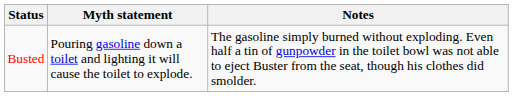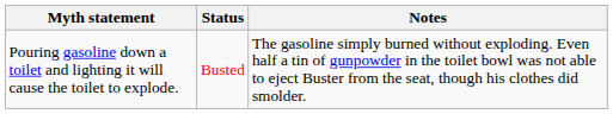 <table class="wikitable">
 <tr>
+<th>Myth statement</th>
 <th>Status</th>
-<th>Myth statement</th>
 <th>Notes</th>
 </tr>
 <tr>
+<td>Pouring <a href='#'>gasoline</a> down a <a href='#'>toilet</a> and lighting it will cause the toilet to explode.</td>
 <td style="color:red">Busted</td>
-<td>Pouring <a href='#'>gasoline</a> down a <a href='#'>toilet</a> and lighting it will cause the toilet to explode.</td>
 <td>The gasoline simply burned without exploding. Even half a tin of <a href='#'>gunpowder</a> in the toilet bowl was not able to eject Buster from the seat, though his clothes did smolder.</td>
 </tr>
 </table>
